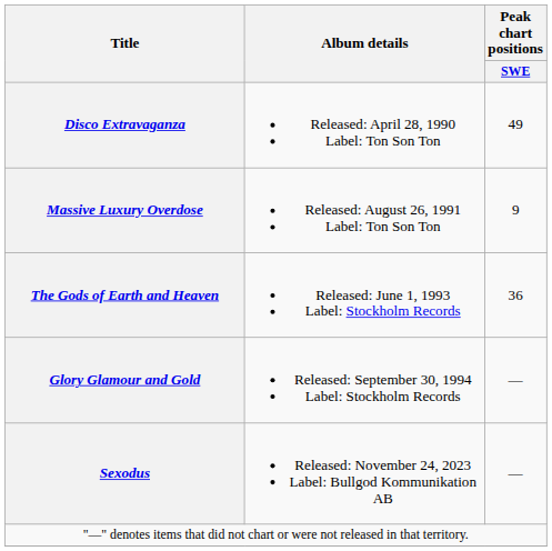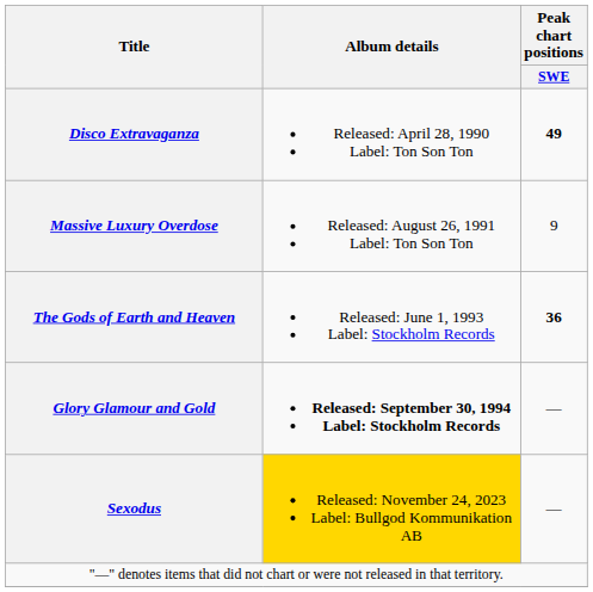 <table class="wikitable plainrowheaders" style="text-align:center;">
 <tr>
 <th scope="col" rowspan="2" style="width:16em;">Title</th>
 <th scope="col" rowspan="2" style="width:16em;">Album details</th>
 <th scope="col" colspan="1">Peak chart positions</th>
 </tr>
 <tr>
 <th style="width:2em;font-size:90%;"><a href='#'>SWE</a><br></th>
 </tr>
 <tr>
 <th scope="row"><em><a href='#'>Disco Extravaganza</a></em></th>
 <td><br><ul><li>Released: April 28, 1990</li><li>Label: Ton Son Ton</li></ul></td>
-<td>49</td>
+<td><strong>49</strong></td>
 </tr>
 <tr>
 <th scope="row"><em><a href='#'>Massive Luxury Overdose</a></em></th>
 <td><br><ul><li>Released: August 26, 1991</li><li>Label: Ton Son Ton</li></ul></td>
 <td>9</td>
 </tr>
 <tr>
 <th scope="row"><em><a href='#'>The Gods of Earth and Heaven</a></em></th>
 <td><br><ul><li>Released: June 1, 1993</li><li>Label: <a href='#'>Stockholm Records</a></li></ul></td>
-<td>36</td>
+<td><strong>36</strong></td>
 </tr>
 <tr>
 <th scope="row"><em><a href='#'>Glory Glamour and Gold</a></em></th>
-<td><br><ul><li>Released: September 30, 1994</li><li>Label: Stockholm Records</li></ul></td>
+<td><strong><br><ul><li>Released: September 30, 1994</li><li>Label: Stockholm Records</li></ul></strong></td>
 <td>—</td>
 </tr>
 <tr>
 <th scope="row"><em><a href='#'>Sexodus</a></em></th>
-<td><br><ul><li>Released: November 24, 2023</li><li>Label: Bullgod Kommunikation AB</li></ul></td>
+<td style="background: gold;"><br><ul><li>Released: November 24, 2023</li><li>Label: Bullgod Kommunikation AB</li></ul></td>
 <td>—</td>
 </tr>
 <tr>
 <td align="center" colspan="15" style="font-size:90%">"—" denotes items that did not chart or were not released in that territory.</td>
 </tr>
 <tr>
 </tr>
 </table>
